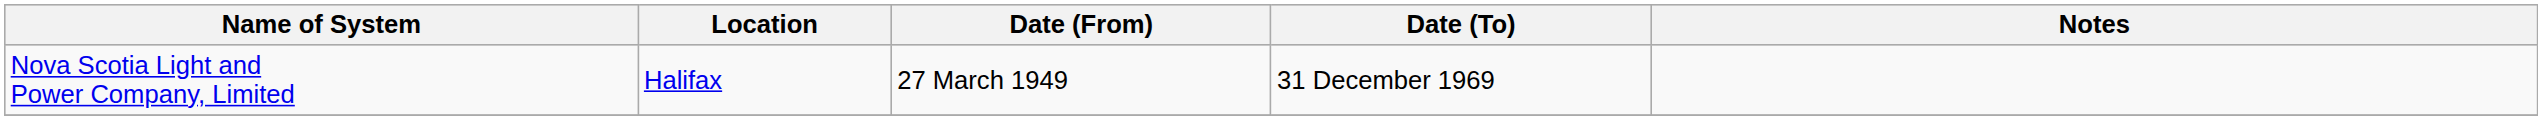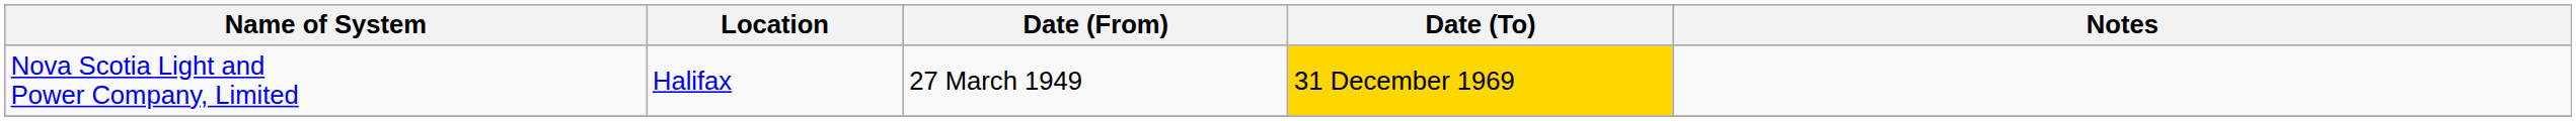 <table class="wikitable" width=100%>
 <tr>
 <th width=25%>Name of System</th>
 <th width=10%>Location</th>
 <th width=15%>Date (From)</th>
 <th width=15%>Date (To)</th>
 <th width=35%>Notes</th>
 </tr>
 <tr>
 <td><a href='#'>Nova Scotia Light and <br>Power Company, Limited</a></td>
 <td><a href='#'>Halifax</a></td>
 <td>27 March 1949 </td>
-<td>31 December 1969 </td>
+<td style="background: gold;">31 December 1969 </td>
 <td> </td>
 </tr>
 <tr>
 </tr>
 </table>
